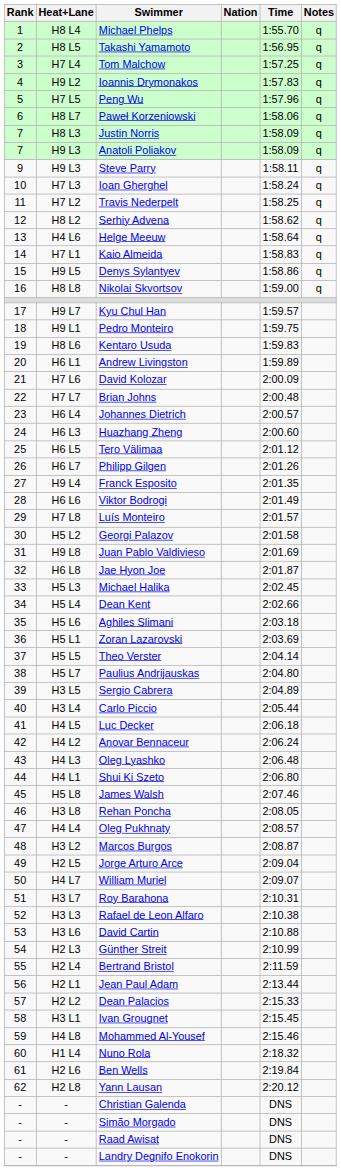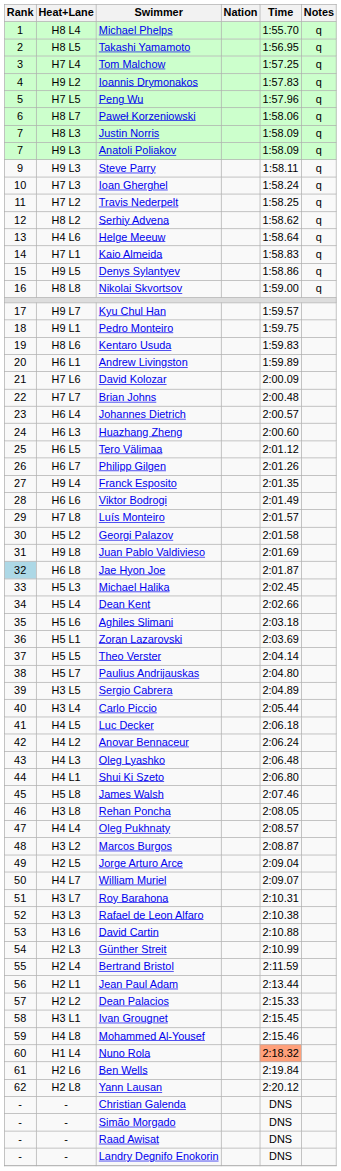 <table class="wikitable sortable" style="text-align:center">
 <tr>
 <th>Rank</th>
 <th>Heat+Lane</th>
 <th>Swimmer</th>
 <th>Nation</th>
 <th>Time</th>
 <th>Notes</th>
 </tr>
 <tr bgcolor=ccffcc>
 <td>1</td>
 <td>H8 L4</td>
 <td align=left><a href='#'>Michael Phelps</a></td>
 <td align=left></td>
 <td>1:55.70</td>
 <td>q</td>
 </tr>
 <tr bgcolor=ccffcc>
 <td>2</td>
 <td>H8 L5</td>
 <td align=left><a href='#'>Takashi Yamamoto</a></td>
 <td align=left></td>
 <td>1:56.95</td>
 <td>q</td>
 </tr>
 <tr bgcolor=ccffcc>
 <td>3</td>
 <td>H7 L4</td>
 <td align=left><a href='#'>Tom Malchow</a></td>
 <td align=left></td>
 <td>1:57.25</td>
 <td>q</td>
 </tr>
 <tr bgcolor=ccffcc>
 <td>4</td>
 <td>H9 L2</td>
 <td align=left><a href='#'>Ioannis Drymonakos</a></td>
 <td align=left></td>
 <td>1:57.83</td>
 <td>q</td>
 </tr>
 <tr bgcolor=ccffcc>
 <td>5</td>
 <td>H7 L5</td>
 <td align=left><a href='#'>Peng Wu</a></td>
 <td align=left></td>
 <td>1:57.96</td>
 <td>q</td>
 </tr>
 <tr bgcolor=ccffcc>
 <td>6</td>
 <td>H8 L7</td>
 <td align=left><a href='#'>Paweł Korzeniowski</a></td>
 <td align=left></td>
 <td>1:58.06</td>
 <td>q</td>
 </tr>
 <tr bgcolor=ccffcc>
 <td>7</td>
 <td>H8 L3</td>
 <td align=left><a href='#'>Justin Norris</a></td>
 <td align=left></td>
 <td>1:58.09</td>
 <td>q</td>
 </tr>
 <tr bgcolor=ccffcc>
 <td>7</td>
 <td>H9 L3</td>
 <td align=left><a href='#'>Anatoli Poliakov</a></td>
 <td align=left></td>
 <td>1:58.09</td>
 <td>q</td>
 </tr>
 <tr>
 <td>9</td>
 <td>H9 L3</td>
 <td align=left><a href='#'>Steve Parry</a></td>
 <td align=left></td>
 <td>1:58.11</td>
 <td>q</td>
 </tr>
 <tr>
 <td>10</td>
 <td>H7 L3</td>
 <td align=left><a href='#'>Ioan Gherghel</a></td>
 <td align=left></td>
 <td>1:58.24</td>
 <td>q</td>
 </tr>
 <tr>
 <td>11</td>
 <td>H7 L2</td>
 <td align=left><a href='#'>Travis Nederpelt</a></td>
 <td align=left></td>
 <td>1:58.25</td>
 <td>q</td>
 </tr>
 <tr>
 <td>12</td>
 <td>H8 L2</td>
 <td align=left><a href='#'>Serhiy Advena</a></td>
 <td align=left></td>
 <td>1:58.62</td>
 <td>q</td>
 </tr>
 <tr>
 <td>13</td>
 <td>H4 L6</td>
 <td align=left><a href='#'>Helge Meeuw</a></td>
 <td align=left></td>
 <td>1:58.64</td>
 <td>q</td>
 </tr>
 <tr>
 <td>14</td>
 <td>H7 L1</td>
 <td align=left><a href='#'>Kaio Almeida</a></td>
 <td align=left></td>
 <td>1:58.83</td>
 <td>q</td>
 </tr>
 <tr>
 <td>15</td>
 <td>H9 L5</td>
 <td align=left><a href='#'>Denys Sylantyev</a></td>
 <td align=left></td>
 <td>1:58.86</td>
 <td>q</td>
 </tr>
 <tr>
 <td>16</td>
 <td>H8 L8</td>
 <td align=left><a href='#'>Nikolai Skvortsov</a></td>
 <td align=left></td>
 <td>1:59.00</td>
 <td>q</td>
 </tr>
 <tr bgcolor=#DDDDDD>
 <td colspan=6></td>
 </tr>
 <tr>
 <td>17</td>
 <td>H9 L7</td>
 <td align=left><a href='#'>Kyu Chul Han</a></td>
 <td align=left></td>
 <td>1:59.57</td>
 <td></td>
 </tr>
 <tr>
 <td>18</td>
 <td>H9 L1</td>
 <td align=left><a href='#'>Pedro Monteiro</a></td>
 <td align=left></td>
 <td>1:59.75</td>
 <td></td>
 </tr>
 <tr>
 <td>19</td>
 <td>H8 L6</td>
 <td align=left><a href='#'>Kentaro Usuda</a></td>
 <td align=left></td>
 <td>1:59.83</td>
 <td></td>
 </tr>
 <tr>
 <td>20</td>
 <td>H6 L1</td>
 <td align=left><a href='#'>Andrew Livingston</a></td>
 <td align=left></td>
 <td>1:59.89</td>
 <td></td>
 </tr>
 <tr>
 <td>21</td>
 <td>H7 L6</td>
 <td align=left><a href='#'>David Kolozar</a></td>
 <td align=left></td>
 <td>2:00.09</td>
 <td></td>
 </tr>
 <tr>
 <td>22</td>
 <td>H7 L7</td>
 <td align=left><a href='#'>Brian Johns</a></td>
 <td align=left></td>
 <td>2:00.48</td>
 <td></td>
 </tr>
 <tr>
 <td>23</td>
 <td>H6 L4</td>
 <td align=left><a href='#'>Johannes Dietrich</a></td>
 <td align=left></td>
 <td>2:00.57</td>
 <td></td>
 </tr>
 <tr>
 <td>24</td>
 <td>H6 L3</td>
 <td align=left><a href='#'>Huazhang Zheng</a></td>
 <td align=left></td>
 <td>2:00.60</td>
 <td></td>
 </tr>
 <tr>
 <td>25</td>
 <td>H6 L5</td>
 <td align=left><a href='#'>Tero Välimaa</a></td>
 <td align=left></td>
 <td>2:01.12</td>
 <td></td>
 </tr>
 <tr>
 <td>26</td>
 <td>H6 L7</td>
 <td align=left><a href='#'>Philipp Gilgen</a></td>
 <td align=left></td>
 <td>2:01.26</td>
 <td></td>
 </tr>
 <tr>
 <td>27</td>
 <td>H9 L4</td>
 <td align=left><a href='#'>Franck Esposito</a></td>
 <td align=left></td>
 <td>2:01.35</td>
 <td></td>
 </tr>
 <tr>
 <td>28</td>
 <td>H6 L6</td>
 <td align=left><a href='#'>Viktor Bodrogi</a></td>
 <td align=left></td>
 <td>2:01.49</td>
 <td></td>
 </tr>
 <tr>
 <td>29</td>
 <td>H7 L8</td>
 <td align=left><a href='#'>Luís Monteiro</a></td>
 <td align=left></td>
 <td>2:01.57</td>
 <td></td>
 </tr>
 <tr>
 <td>30</td>
 <td>H5 L2</td>
 <td align=left><a href='#'>Georgi Palazov</a></td>
 <td align=left></td>
 <td>2:01.58</td>
 <td></td>
 </tr>
 <tr>
 <td>31</td>
 <td>H9 L8</td>
 <td align=left><a href='#'>Juan Pablo Valdivieso</a></td>
 <td align=left></td>
 <td>2:01.69</td>
 <td></td>
 </tr>
 <tr>
-<td>32</td>
+<td style="background: lightblue;">32</td>
 <td>H6 L8</td>
 <td align=left><a href='#'>Jae Hyon Joe</a></td>
 <td align=left></td>
 <td>2:01.87</td>
 <td></td>
 </tr>
 <tr>
 <td>33</td>
 <td>H5 L3</td>
 <td align=left><a href='#'>Michael Halika</a></td>
 <td align=left></td>
 <td>2:02.45</td>
 <td></td>
 </tr>
 <tr>
 <td>34</td>
 <td>H5 L4</td>
 <td align=left><a href='#'>Dean Kent</a></td>
 <td align=left></td>
 <td>2:02.66</td>
 <td></td>
 </tr>
 <tr>
 <td>35</td>
 <td>H5 L6</td>
 <td align=left><a href='#'>Aghiles Slimani</a></td>
 <td align=left></td>
 <td>2:03.18</td>
 <td></td>
 </tr>
 <tr>
 <td>36</td>
 <td>H5 L1</td>
 <td align=left><a href='#'>Zoran Lazarovski</a></td>
 <td align=left></td>
 <td>2:03.69</td>
 <td></td>
 </tr>
 <tr>
 <td>37</td>
 <td>H5 L5</td>
 <td align=left><a href='#'>Theo Verster</a></td>
 <td align=left></td>
 <td>2:04.14</td>
 <td></td>
 </tr>
 <tr>
 <td>38</td>
 <td>H5 L7</td>
 <td align=left><a href='#'>Paulius Andrijauskas</a></td>
 <td align=left></td>
 <td>2:04.80</td>
 <td></td>
 </tr>
 <tr>
 <td>39</td>
 <td>H3 L5</td>
 <td align=left><a href='#'>Sergio Cabrera</a></td>
 <td align=left></td>
 <td>2:04.89</td>
 <td></td>
 </tr>
 <tr>
 <td>40</td>
 <td>H3 L4</td>
 <td align=left><a href='#'>Carlo Piccio</a></td>
 <td align=left></td>
 <td>2:05.44</td>
 <td></td>
 </tr>
 <tr>
 <td>41</td>
 <td>H4 L5</td>
 <td align=left><a href='#'>Luc Decker</a></td>
 <td align=left></td>
 <td>2:06.18</td>
 <td></td>
 </tr>
 <tr>
 <td>42</td>
 <td>H4 L2</td>
 <td align=left><a href='#'>Anovar Bennaceur</a></td>
 <td align=left></td>
 <td>2:06.24</td>
 <td></td>
 </tr>
 <tr>
 <td>43</td>
 <td>H4 L3</td>
 <td align=left><a href='#'>Oleg Lyashko</a></td>
 <td align=left></td>
 <td>2:06.48</td>
 <td></td>
 </tr>
 <tr>
 <td>44</td>
 <td>H4 L1</td>
 <td align=left><a href='#'>Shui Ki Szeto</a></td>
 <td align=left></td>
 <td>2:06.80</td>
 <td></td>
 </tr>
 <tr>
 <td>45</td>
 <td>H5 L8</td>
 <td align=left><a href='#'>James Walsh</a></td>
 <td align=left></td>
 <td>2:07.46</td>
 <td></td>
 </tr>
 <tr>
 <td>46</td>
 <td>H3 L8</td>
 <td align=left><a href='#'>Rehan Poncha</a></td>
 <td align=left></td>
 <td>2:08.05</td>
 <td></td>
 </tr>
 <tr>
 <td>47</td>
 <td>H4 L4</td>
 <td align=left><a href='#'>Oleg Pukhnaty</a></td>
 <td align=left></td>
 <td>2:08.57</td>
 <td></td>
 </tr>
 <tr>
 <td>48</td>
 <td>H3 L2</td>
 <td align=left><a href='#'>Marcos Burgos</a></td>
 <td align=left></td>
 <td>2:08.87</td>
 <td></td>
 </tr>
 <tr>
 <td>49</td>
 <td>H2 L5</td>
 <td align=left><a href='#'>Jorge Arturo Arce</a></td>
 <td align=left></td>
 <td>2:09.04</td>
 <td></td>
 </tr>
 <tr>
 <td>50</td>
 <td>H4 L7</td>
 <td align=left><a href='#'>William Muriel</a></td>
 <td align=left></td>
 <td>2:09.07</td>
 <td></td>
 </tr>
 <tr>
 <td>51</td>
 <td>H3 L7</td>
 <td align=left><a href='#'>Roy Barahona</a></td>
 <td align=left></td>
 <td>2:10.31</td>
 <td></td>
 </tr>
 <tr>
 <td>52</td>
 <td>H3 L3</td>
 <td align=left><a href='#'>Rafael de Leon Alfaro</a></td>
 <td align=left></td>
 <td>2:10.38</td>
 <td></td>
 </tr>
 <tr>
 <td>53</td>
 <td>H3 L6</td>
 <td align=left><a href='#'>David Cartin</a></td>
 <td align=left></td>
 <td>2:10.88</td>
 <td></td>
 </tr>
 <tr>
 <td>54</td>
 <td>H2 L3</td>
 <td align=left><a href='#'>Günther Streit</a></td>
 <td align=left></td>
 <td>2:10.99</td>
 <td></td>
 </tr>
 <tr>
 <td>55</td>
 <td>H2 L4</td>
 <td align=left><a href='#'>Bertrand Bristol</a></td>
 <td align=left></td>
 <td>2:11.59</td>
 <td></td>
 </tr>
 <tr>
 <td>56</td>
 <td>H2 L1</td>
 <td align=left><a href='#'>Jean Paul Adam</a></td>
 <td align=left></td>
 <td>2:13.44</td>
 <td></td>
 </tr>
 <tr>
 <td>57</td>
 <td>H2 L2</td>
 <td align=left><a href='#'>Dean Palacios</a></td>
 <td align=left></td>
 <td>2:15.33</td>
 <td></td>
 </tr>
 <tr>
 <td>58</td>
 <td>H3 L1</td>
 <td align=left><a href='#'>Ivan Grougnet</a></td>
 <td align=left></td>
 <td>2:15.45</td>
 <td></td>
 </tr>
 <tr>
 <td>59</td>
 <td>H4 L8</td>
 <td align=left><a href='#'>Mohammed Al-Yousef</a></td>
 <td align=left></td>
 <td>2:15.46</td>
 <td></td>
 </tr>
 <tr>
 <td>60</td>
 <td>H1 L4</td>
 <td align=left><a href='#'>Nuno Rola</a></td>
 <td align=left></td>
-<td>2:18.32</td>
+<td style="background: lightsalmon;">2:18.32</td>
 <td></td>
 </tr>
 <tr>
 <td>61</td>
 <td>H2 L6</td>
 <td align=left><a href='#'>Ben Wells</a></td>
 <td align=left></td>
 <td>2:19.84</td>
 <td></td>
 </tr>
 <tr>
 <td>62</td>
 <td>H2 L8</td>
 <td align=left><a href='#'>Yann Lausan</a></td>
 <td align=left></td>
 <td>2:20.12</td>
 <td></td>
 </tr>
 <tr>
 <td>-</td>
 <td>-</td>
 <td align=left><a href='#'>Christian Galenda</a></td>
 <td align=left></td>
 <td>DNS</td>
 <td></td>
 </tr>
 <tr>
 <td>-</td>
 <td>-</td>
 <td align=left><a href='#'>Simão Morgado</a></td>
 <td align=left></td>
 <td>DNS</td>
 <td></td>
 </tr>
 <tr>
 <td>-</td>
 <td>-</td>
 <td align=left><a href='#'>Raad Awisat</a></td>
 <td align=left></td>
 <td>DNS</td>
 <td></td>
 </tr>
 <tr>
 <td>-</td>
 <td>-</td>
 <td align=left><a href='#'>Landry Degnifo Enokorin</a></td>
 <td align=left></td>
 <td>DNS</td>
 <td></td>
 </tr>
 <tr>
 </tr>
 </table>
